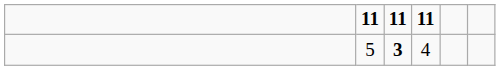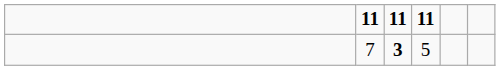 <table class="wikitable">
 <tr>
 <td style="width:18em"></td>
 <td align=center style="width:1em"><strong>11</strong></td>
 <td align=center style="width:1em"><strong>11</strong></td>
 <td align=center style="width:1em"><strong>11</strong></td>
 <td align=center style="width:1em"></td>
 <td align=center style="width:1em"></td>
 </tr>
 <tr>
 <td style="width:18em"></td>
+<td align=center style="width:1em">7</td>
+<td align=center style="width:1em"><strong>3</strong></td>
 <td align=center style="width:1em">5</td>
-<td align=center style="width:1em"><strong>3</strong></td>
-<td align=center style="width:1em">4</td>
 <td align=center style="width:1em"></td>
 <td align=center style="width:1em"></td>
 </tr>
 </table>
